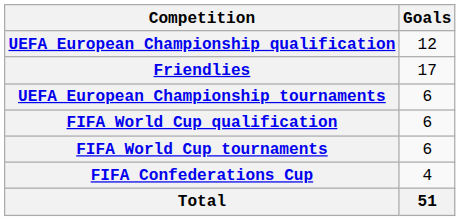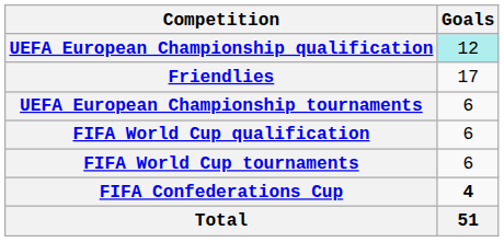 <table class="wikitable sortable plainrowheaders" style="text-align: center">
 <tr>
 <th scope=col>Competition</th>
 <th scope=col>Goals</th>
 </tr>
 <tr>
 <th scope=row><a href='#'>UEFA European Championship qualification</a></th>
-<td>12</td>
+<td style="background: paleturquoise;">12</td>
 </tr>
 <tr>
 <th scope=row><a href='#'>Friendlies</a></th>
 <td>17</td>
 </tr>
 <tr>
 <th scope=row><a href='#'>UEFA European Championship tournaments</a></th>
 <td>6</td>
 </tr>
 <tr>
 <th scope=row><a href='#'>FIFA World Cup qualification</a></th>
 <td>6</td>
 </tr>
 <tr>
 <th scope=row><a href='#'>FIFA World Cup tournaments</a></th>
 <td>6</td>
 </tr>
 <tr>
 <th scope=row><a href='#'>FIFA Confederations Cup</a></th>
-<td>4</td>
+<td><strong>4</strong></td>
 </tr>
 <tr>
 <th>Total</th>
 <th>51</th>
 </tr>
 </table>
